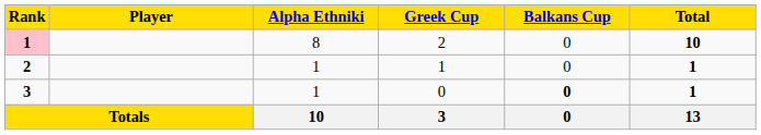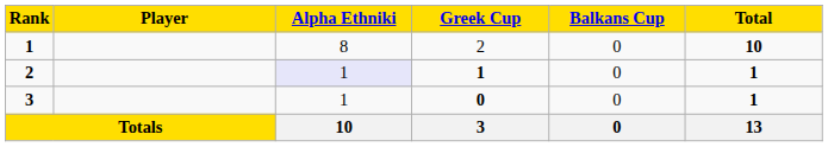 <table class="wikitable sortable" style="text-align:center">
 <tr>
 <th style="background:#FFDE00">Rank</th>
 <th width=200 style="background:#FFDE00">Player</th>
 <th width=120 style="background:#FFDE00"><a href='#'>Alpha Ethniki</a></th>
 <th width=120 style="background:#FFDE00"><a href='#'>Greek Cup</a></th>
 <th width=120 style="background:#FFDE00"><a href='#'>Balkans Cup</a></th>
 <th width=120 style="background:#FFDE00">Total</th>
 </tr>
 <tr>
-<td style="background: pink;"><strong>1</strong></td>
+<td><strong>1</strong></td>
 <td align=left></td>
 <td>8</td>
 <td>2</td>
 <td>0</td>
 <td><strong>10</strong></td>
 </tr>
 <tr>
 <td><strong>2</strong></td>
 <td align=left></td>
-<td>1</td>
-<td>1</td>
+<td style="background: lavender;">1</td>
+<td><strong>1</strong></td>
 <td>0</td>
 <td><strong>1</strong></td>
 </tr>
 <tr>
 <td><strong>3</strong></td>
 <td align=left></td>
 <td>1</td>
+<td><strong>0</strong></td>
 <td>0</td>
-<td><strong>0</strong></td>
 <td><strong>1</strong></td>
 </tr>
 <tr class="sortbottom">
 <th colspan=2 style="background:#FFDE00"><strong>Totals</strong></th>
 <th><strong>10</strong></th>
 <th><strong> 3</strong></th>
 <th><strong> 0</strong></th>
 <th><strong>13</strong></th>
 </tr>
 </table>
